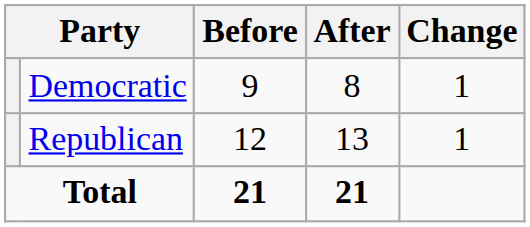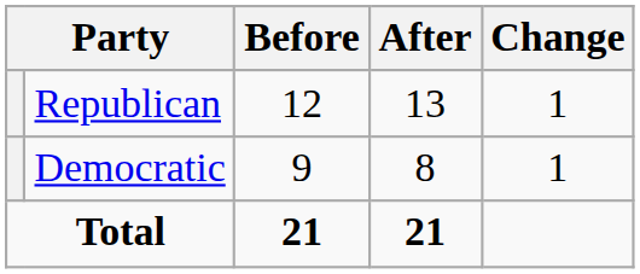 <table class="wikitable" style="text-align:center;">
 <tr>
 <th colspan="2">Party</th>
 <th>Before</th>
 <th>After</th>
 <th>Change</th>
 </tr>
 <tr>
 <th style="background-color:"></th>
-<td style="text-align:left;"><a href='#'>Democratic</a></td>
-<td>9</td>
-<td>8</td>
+<td style="text-align:left;"><a href='#'>Republican</a></td>
+<td>12</td>
+<td>13</td>
 <td> 1</td>
 </tr>
 <tr>
 <th style="background-color:"></th>
-<td style="text-align:left;"><a href='#'>Republican</a></td>
-<td>12</td>
-<td>13</td>
+<td style="text-align:left;"><a href='#'>Democratic</a></td>
+<td>9</td>
+<td>8</td>
 <td> 1</td>
 </tr>
 <tr>
 <td colspan="2"><strong>Total</strong></td>
 <td><strong>21</strong></td>
 <td><strong>21</strong></td>
 <td></td>
 </tr>
 </table>
